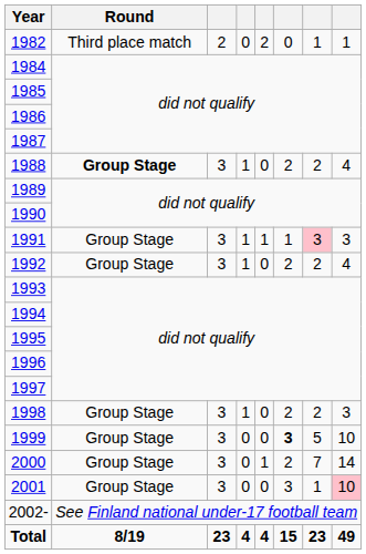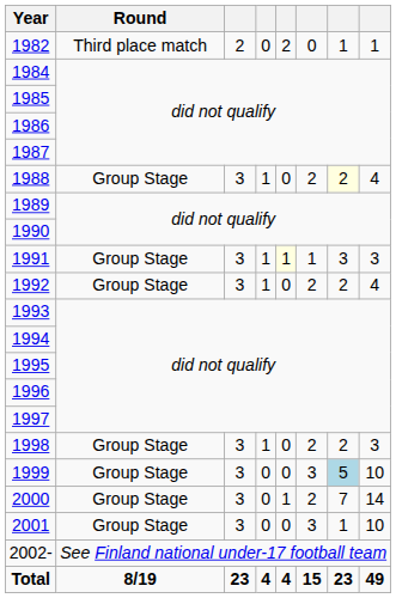 <table class="wikitable" style="text-align: center;">
 <tr>
 <th>Year</th>
 <th>Round</th>
 <th></th>
 <th></th>
 <th></th>
 <th></th>
 <th></th>
 <th></th>
 </tr>
 <tr>
 <td> <a href='#'>1982</a></td>
 <td>Third place match</td>
 <td>2</td>
 <td>0</td>
 <td>2</td>
 <td>0</td>
 <td>1</td>
 <td>1</td>
 </tr>
 <tr>
 <td> <a href='#'>1984</a></td>
 <td colspan=7 rowspan=4><em>did not qualify</em></td>
 </tr>
 <tr>
 <td> <a href='#'>1985</a></td>
 </tr>
 <tr>
 <td> <a href='#'>1986</a></td>
 </tr>
 <tr>
 <td> <a href='#'>1987</a></td>
 </tr>
 <tr>
 <td> <a href='#'>1988</a></td>
-<td><strong>Group Stage</strong></td>
+<td>Group Stage</td>
 <td>3</td>
 <td>1</td>
 <td>0</td>
 <td>2</td>
-<td>2</td>
+<td style="background: lightyellow;">2</td>
 <td>4</td>
 </tr>
 <tr>
 <td> <a href='#'>1989</a></td>
 <td colspan=7 rowspan=2><em>did not qualify</em></td>
 </tr>
 <tr>
 <td> <a href='#'>1990</a></td>
 </tr>
 <tr>
 <td> <a href='#'>1991</a></td>
 <td>Group Stage</td>
 <td>3</td>
 <td>1</td>
+<td style="background: lightyellow;">1</td>
 <td>1</td>
-<td>1</td>
-<td style="background: pink;">3</td>
+<td>3</td>
 <td>3</td>
 </tr>
 <tr>
 <td> <a href='#'>1992</a></td>
 <td>Group Stage</td>
 <td>3</td>
 <td>1</td>
 <td>0</td>
 <td>2</td>
 <td>2</td>
 <td>4</td>
 </tr>
 <tr>
 <td> <a href='#'>1993</a></td>
 <td colspan=7 rowspan=5><em>did not qualify</em></td>
 </tr>
 <tr>
 <td> <a href='#'>1994</a></td>
 </tr>
 <tr>
 <td> <a href='#'>1995</a></td>
 </tr>
 <tr>
 <td> <a href='#'>1996</a></td>
 </tr>
 <tr>
 <td> <a href='#'>1997</a></td>
 </tr>
 <tr>
 <td> <a href='#'>1998</a></td>
 <td>Group Stage</td>
 <td>3</td>
 <td>1</td>
 <td>0</td>
 <td>2</td>
 <td>2</td>
 <td>3</td>
 </tr>
 <tr>
 <td> <a href='#'>1999</a></td>
 <td>Group Stage</td>
 <td>3</td>
 <td>0</td>
 <td>0</td>
-<td><strong>3</strong></td>
-<td>5</td>
+<td>3</td>
+<td style="background: lightblue;">5</td>
 <td>10</td>
 </tr>
 <tr>
 <td> <a href='#'>2000</a></td>
 <td>Group Stage</td>
 <td>3</td>
 <td>0</td>
 <td>1</td>
 <td>2</td>
 <td>7</td>
 <td>14</td>
 </tr>
 <tr>
 <td> <a href='#'>2001</a></td>
 <td>Group Stage</td>
 <td>3</td>
 <td>0</td>
 <td>0</td>
 <td>3</td>
 <td>1</td>
-<td style="background: pink;">10</td>
+<td>10</td>
 </tr>
 <tr>
 <td>2002-</td>
 <td colspan=15><em>See <a href='#'>Finland national under-17 football team</a></em></td>
 </tr>
 <tr>
 <td><strong>Total</strong></td>
 <td><strong>8/19</strong></td>
 <td><strong>23</strong></td>
 <td><strong>4</strong></td>
 <td><strong>4</strong></td>
 <td><strong>15</strong></td>
 <td><strong>23</strong></td>
 <td><strong>49</strong></td>
 </tr>
 </table>
